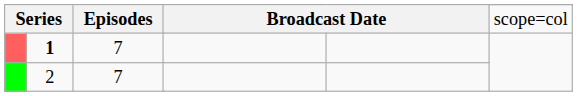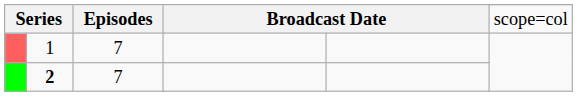 <table class="wikitable plainrowheaders" style=text-align:center>
 <tr>
 <th scope=col style="padding:0 9px" colspan=2 rowspan=2>Series</th>
 <th scope=col style="padding:0 9px" colspan=2 rowspan=2>Episodes</th>
 <th scope=col style="padding:0 90px" colspan=2 rowspan=2>Broadcast Date</th>
 </tr>
 <tr>
 <td>scope=col</td>
 </tr>
 <tr>
 <td scope=row style=background:#FF5F5F></td>
-<td><strong>1</strong></td>
+<td>1</td>
 <td colspan=2>7</td>
 <td></td>
 <td></td>
 </tr>
 <tr>
 <td scope=row style=background:#00FF00></td>
-<td>2</td>
+<td><strong>2</strong></td>
 <td colspan=2>7</td>
 <td></td>
 <td></td>
 </tr>
 </table>
